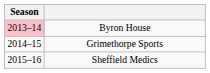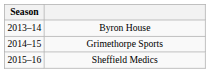 <table class="wikitable" style="text-align: center; font-size:85%">
 <tr>
 <th width=50>Season</th>
 <th width=220></th>
 </tr>
 <tr>
-<td style="background: pink;">2013–14</td>
+<td>2013–14</td>
 <td>Byron House</td>
 </tr>
 <tr>
 <td>2014–15</td>
 <td>Grimethorpe Sports</td>
 </tr>
 <tr>
 <td>2015–16</td>
 <td>Sheffield Medics</td>
 </tr>
 </table>
